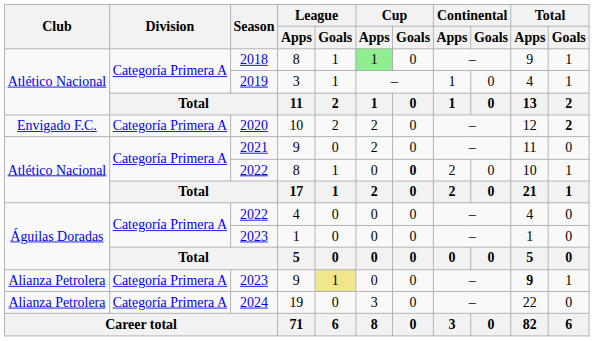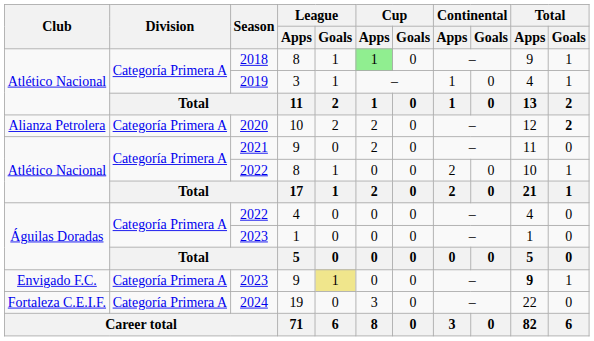 <table class="wikitable" style="text-align: center;">
 <tr>
 <th rowspan="2">Club</th>
 <th rowspan="2">Division</th>
 <th rowspan="2">Season</th>
 <th colspan="2">League</th>
 <th colspan="2">Cup</th>
 <th colspan="2">Continental</th>
 <th colspan="2">Total</th>
 </tr>
 <tr>
 <th>Apps</th>
 <th>Goals</th>
 <th>Apps</th>
 <th>Goals</th>
 <th>Apps</th>
 <th>Goals</th>
 <th>Apps</th>
 <th>Goals</th>
 </tr>
 <tr>
 <td rowspan="3" valign=center><a href='#'>Atlético Nacional</a></td>
 <td rowspan="2" valign="center"><a href='#'>Categoría Primera A</a></td>
 <td><a href='#'>2018</a></td>
 <td>8</td>
 <td>1</td>
 <td style="background: lightgreen;">1</td>
 <td>0</td>
 <td colspan="2">–</td>
 <td>9</td>
 <td>1</td>
 </tr>
 <tr>
 <td><a href='#'>2019</a></td>
 <td>3</td>
 <td>1</td>
 <td colspan="2">–</td>
 <td>1</td>
 <td>0</td>
 <td>4</td>
 <td>1</td>
 </tr>
 <tr>
 <th colspan="2">Total</th>
 <th>11</th>
 <th>2</th>
 <th>1</th>
 <th>0</th>
 <th>1</th>
 <th>0</th>
 <th>13</th>
 <th>2</th>
 </tr>
 <tr>
-<td valign="center"><a href='#'>Envigado F.C.</a></td>
+<td valign=center><a href='#'>Alianza Petrolera</a></td>
 <td valign="center"><a href='#'>Categoría Primera A</a></td>
 <td><a href='#'>2020</a></td>
 <td>10</td>
 <td>2</td>
 <td>2</td>
 <td>0</td>
 <td colspan="2">–</td>
 <td>12</td>
 <td><strong>2</strong></td>
 </tr>
 <tr>
 <td rowspan="3" valign="center"><a href='#'>Atlético Nacional</a></td>
 <td rowspan="2" valign="center"><a href='#'>Categoría Primera A</a></td>
 <td><a href='#'>2021</a></td>
 <td>9</td>
 <td>0</td>
 <td>2</td>
 <td>0</td>
 <td colspan="2">–</td>
 <td>11</td>
 <td>0</td>
 </tr>
 <tr>
 <td><a href='#'>2022</a></td>
 <td>8</td>
 <td>1</td>
 <td>0</td>
-<td><strong>0</strong></td>
+<td>0</td>
 <td>2</td>
 <td>0</td>
 <td>10</td>
 <td>1</td>
 </tr>
 <tr>
 <th colspan="2">Total</th>
 <th>17</th>
 <th>1</th>
 <th>2</th>
 <th>0</th>
 <th>2</th>
 <th>0</th>
 <th>21</th>
 <th>1</th>
 </tr>
 <tr>
 <td rowspan="3" valign="center"><a href='#'>Águilas Doradas</a></td>
 <td rowspan="2" valign="center"><a href='#'>Categoría Primera A</a></td>
 <td><a href='#'>2022</a></td>
 <td>4</td>
 <td>0</td>
 <td>0</td>
 <td>0</td>
 <td colspan="2">–</td>
 <td>4</td>
 <td>0</td>
 </tr>
 <tr>
 <td><a href='#'>2023</a></td>
 <td>1</td>
 <td>0</td>
 <td>0</td>
 <td>0</td>
 <td colspan="2">–</td>
 <td>1</td>
 <td>0</td>
 </tr>
 <tr>
 <th colspan="2">Total</th>
 <th>5</th>
 <th>0</th>
 <th>0</th>
 <th>0</th>
 <th>0</th>
 <th>0</th>
 <th>5</th>
 <th>0</th>
 </tr>
 <tr>
-<td valign=center><a href='#'>Alianza Petrolera</a></td>
+<td valign="center"><a href='#'>Envigado F.C.</a></td>
 <td valign="center"><a href='#'>Categoría Primera A</a></td>
 <td><a href='#'>2023</a></td>
 <td>9</td>
 <td style="background: khaki;">1</td>
 <td>0</td>
 <td>0</td>
 <td colspan="2">–</td>
 <td><strong>9</strong></td>
 <td>1</td>
 </tr>
 <tr>
-<td valign=center><a href='#'>Alianza Petrolera</a></td>
+<td valign="center"><a href='#'>Fortaleza C.E.I.F.</a></td>
 <td valign="center"><a href='#'>Categoría Primera A</a></td>
 <td><a href='#'>2024</a></td>
 <td>19</td>
 <td>0</td>
 <td>3</td>
 <td>0</td>
 <td colspan="2">–</td>
 <td>22</td>
 <td>0</td>
 </tr>
 <tr>
 <th colspan="3">Career total</th>
 <th>71</th>
 <th>6</th>
 <th>8</th>
 <th>0</th>
 <th>3</th>
 <th>0</th>
 <th>82</th>
 <th>6</th>
 </tr>
 </table>
